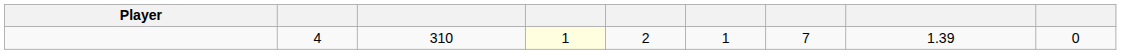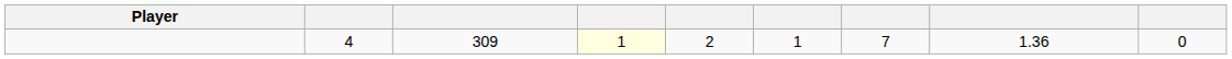 <table class="wikitable sortable" style="width:100%;">
 <tr style="text-align:center; background:#ddd;">
 <th>Player</th>
 <th></th>
 <th></th>
 <th></th>
 <th></th>
 <th></th>
 <th></th>
 <th></th>
 <th></th>
 </tr>
 <tr align=center>
 <td></td>
 <td>4</td>
-<td>310</td>
+<td>309</td>
 <td style="background: lightyellow;">1</td>
 <td>2</td>
 <td>1</td>
 <td>7</td>
-<td>1.39</td>
+<td>1.36</td>
 <td>0</td>
 </tr>
 </table>
